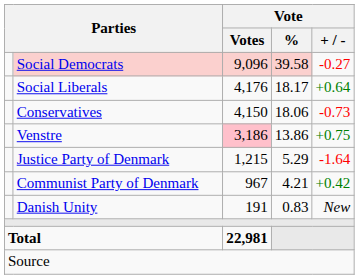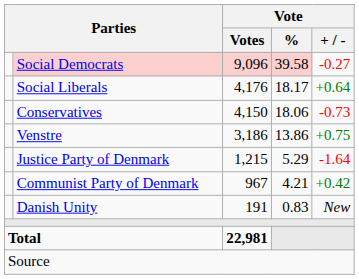 <table class="wikitable" style="text-align:right;">
 <tr>
 <th style="text-align:centre;" rowspan="2" colspan="2" width="225">Parties</th>
 <th colspan="3">Vote</th>
 </tr>
 <tr>
 <th width="15">Votes</th>
 <th width="15">%</th>
 <th width="15">+ / -</th>
 </tr>
 <tr>
 <td width="2" style="color:inherit;background:"></td>
 <td bgcolor=#fbd0ce  align="left"><a href='#'>Social Democrats</a></td>
 <td bgcolor=#fbd0ce>9,096</td>
 <td bgcolor=#fbd0ce>39.58</td>
 <td style=color:red;>-0.27</td>
 </tr>
 <tr>
 <td width="2" style="color:inherit;background:"></td>
 <td align="left"><a href='#'>Social Liberals</a></td>
 <td>4,176</td>
 <td>18.17</td>
 <td style=color:green;>+0.64</td>
 </tr>
 <tr>
 <td width="2" style="color:inherit;background:"></td>
 <td align="left"><a href='#'>Conservatives</a></td>
 <td>4,150</td>
 <td>18.06</td>
 <td style=color:red;>-0.73</td>
 </tr>
 <tr>
 <td width="2" style="color:inherit;background:"></td>
 <td align="left"><a href='#'>Venstre</a></td>
-<td style="background: pink;">3,186</td>
+<td>3,186</td>
 <td>13.86</td>
 <td style=color:green;>+0.75</td>
 </tr>
 <tr>
 <td width="2" style="color:inherit;background:"></td>
 <td align="left"><a href='#'>Justice Party of Denmark</a></td>
 <td>1,215</td>
 <td>5.29</td>
 <td style=color:red;>-1.64</td>
 </tr>
 <tr>
 <td width="2" style="color:inherit;background:"></td>
 <td align="left"><a href='#'>Communist Party of Denmark</a></td>
 <td>967</td>
 <td>4.21</td>
 <td style=color:green;>+0.42</td>
 </tr>
 <tr>
 <td width="2" style="color:inherit;background:"></td>
 <td align="left"><a href='#'>Danish Unity</a></td>
 <td>191</td>
 <td>0.83</td>
 <td><em>New</em></td>
 </tr>
 <tr>
 <td colspan="7" bgcolor="#E9E9E9"></td>
 </tr>
 <tr>
 <td align="left" colspan="2"><strong>Total</strong></td>
 <td><strong>22,981</strong></td>
 <td bgcolor="#E9E9E9" colspan="2"></td>
 </tr>
 <tr>
 <td align="left" colspan="6">Source</td>
 </tr>
 </table>
